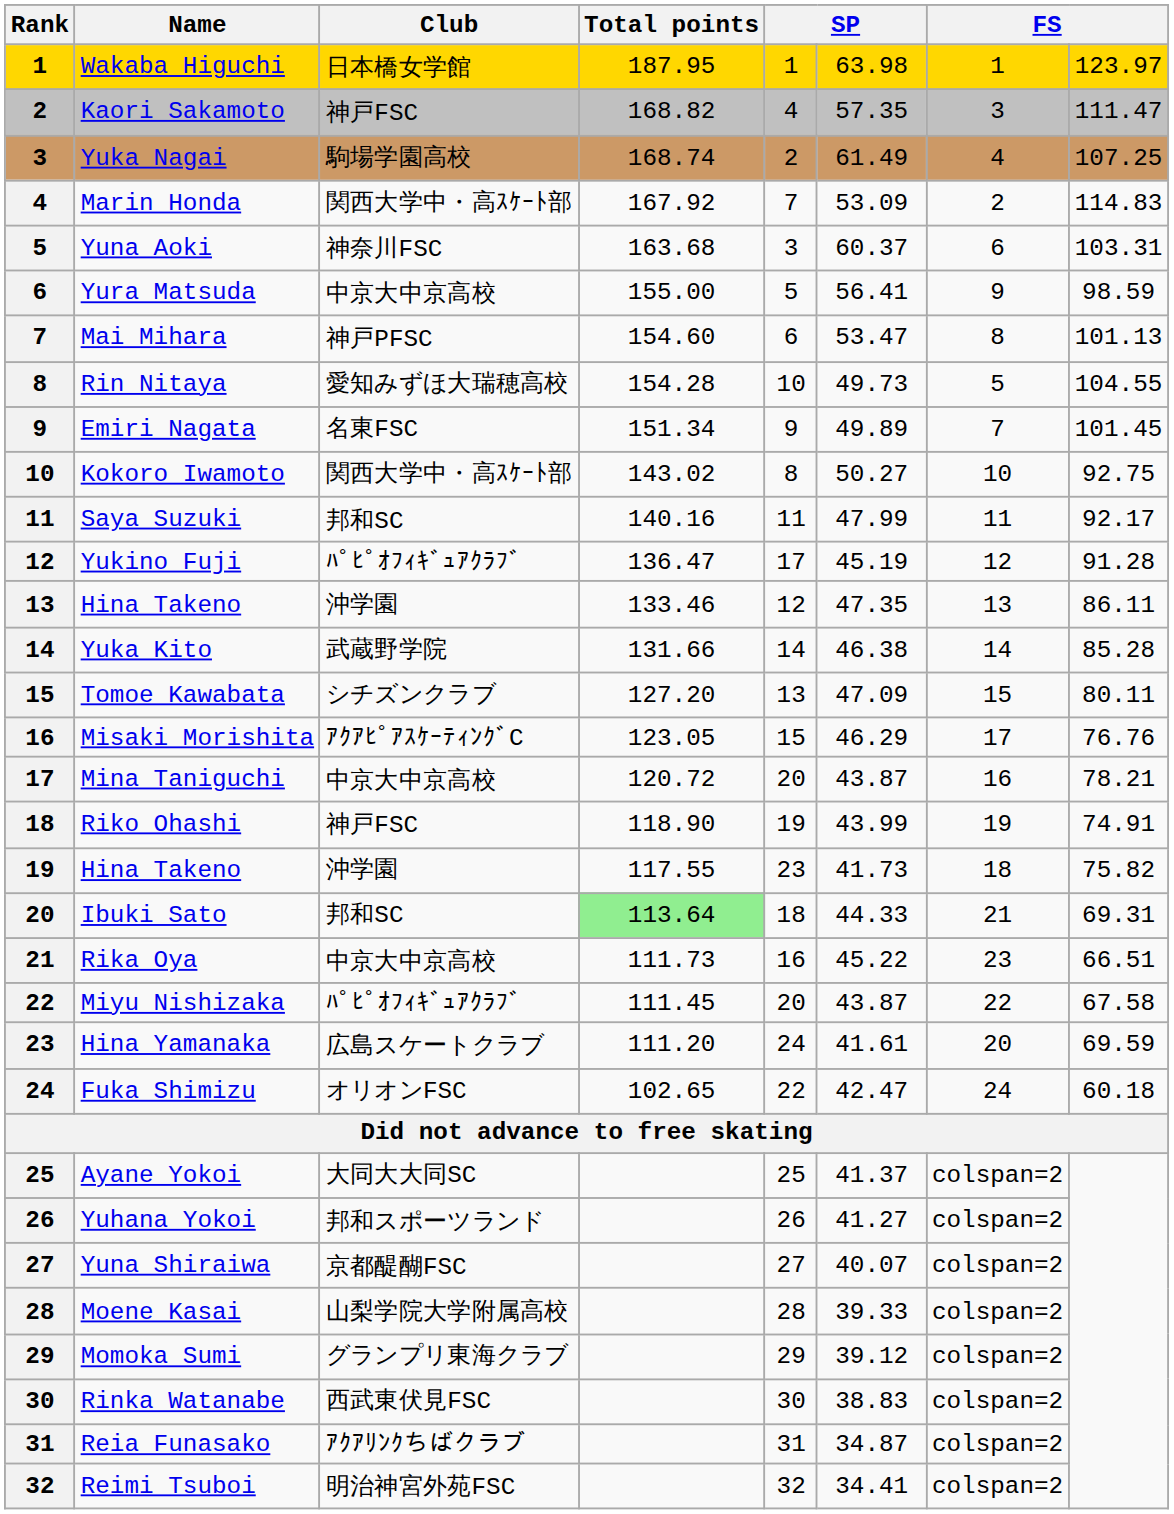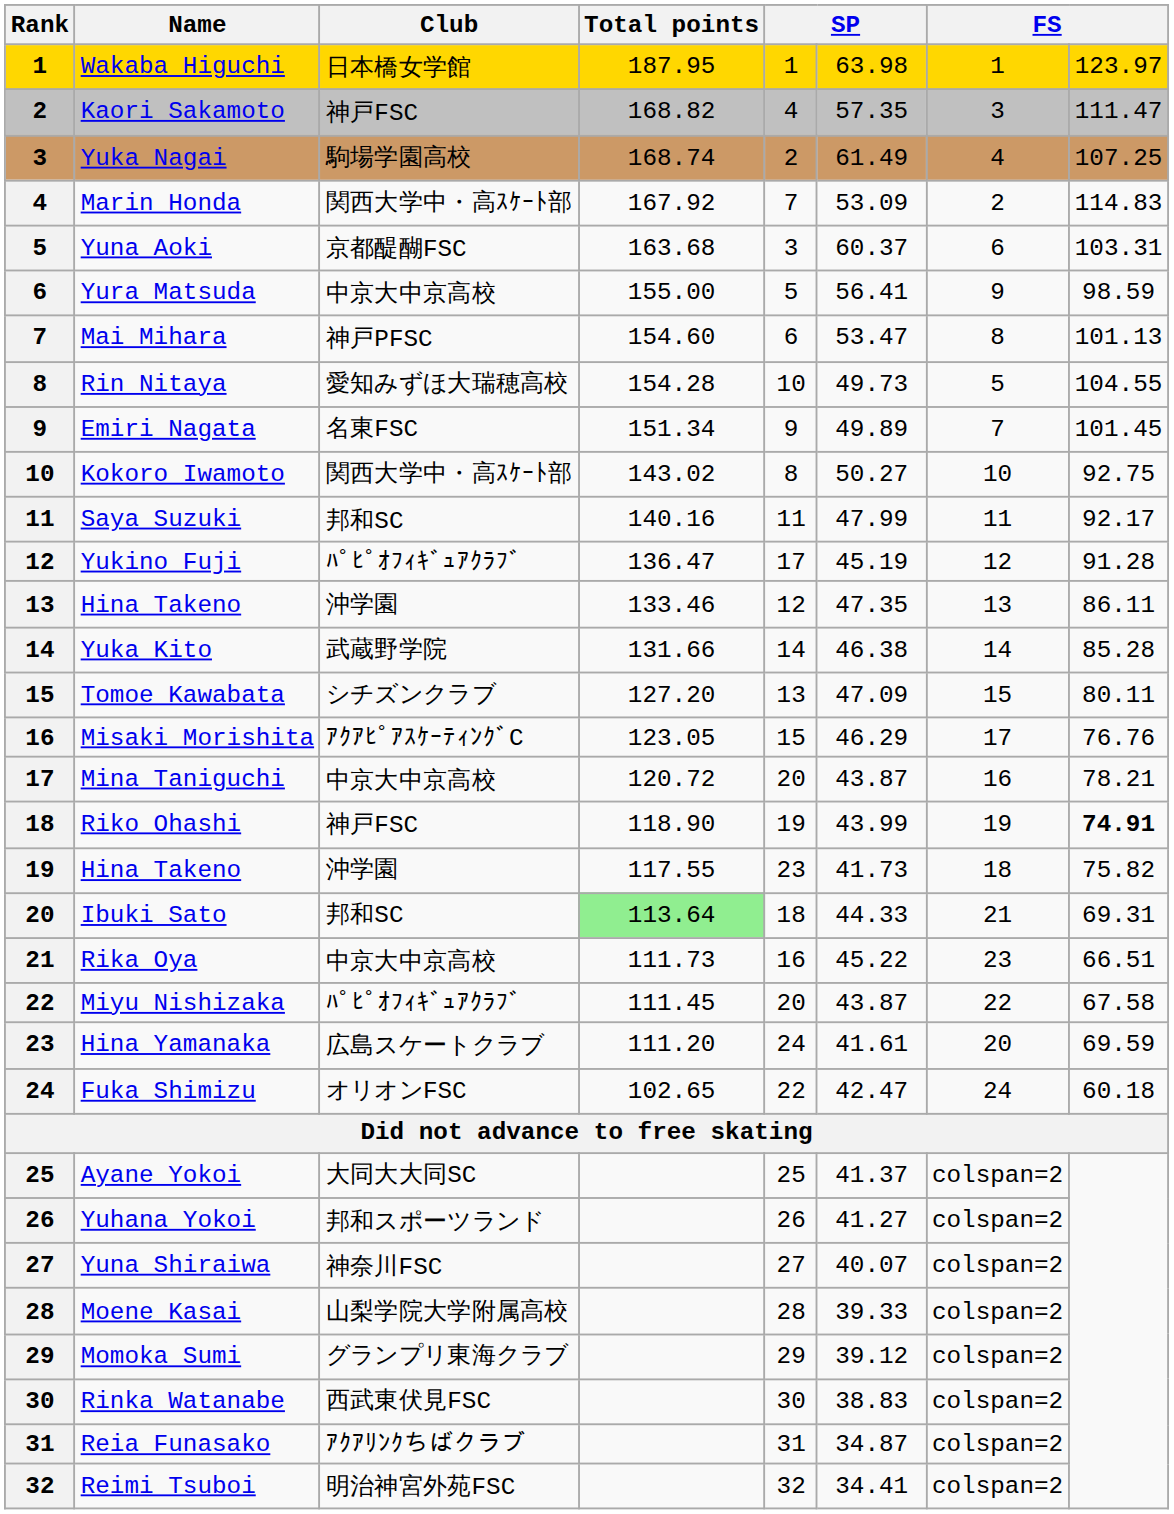 <table class="wikitable sortable">
 <tr>
 <th>Rank</th>
 <th>Name</th>
 <th>Club</th>
 <th>Total points</th>
 <th colspan="2" width="80px"><a href='#'>SP</a></th>
 <th colspan="2" width="80px"><a href='#'>FS</a></th>
 </tr>
 <tr bgcolor="gold">
 <td align="center"><strong>1</strong></td>
 <td><a href='#'>Wakaba Higuchi</a></td>
 <td>日本橋女学館</td>
 <td align="center">187.95</td>
 <td align="center">1</td>
 <td align="center">63.98</td>
 <td align="center">1</td>
 <td align="center">123.97</td>
 </tr>
 <tr bgcolor="silver">
 <td align="center"><strong>2</strong></td>
 <td><a href='#'>Kaori Sakamoto</a></td>
 <td>神戸FSC</td>
 <td align="center">168.82</td>
 <td align="center">4</td>
 <td align="center">57.35</td>
 <td align="center">3</td>
 <td align="center">111.47</td>
 </tr>
 <tr bgcolor="cc9966">
 <td align="center"><strong>3</strong></td>
 <td><a href='#'>Yuka Nagai</a></td>
 <td>駒場学園高校</td>
 <td align="center">168.74</td>
 <td align="center">2</td>
 <td align="center">61.49</td>
 <td align="center">4</td>
 <td align="center">107.25</td>
 </tr>
 <tr>
 <th>4</th>
 <td><a href='#'>Marin Honda</a></td>
 <td>関西大学中・高ｽｹｰﾄ部</td>
 <td align="center">167.92</td>
 <td align="center">7</td>
 <td align="center">53.09</td>
 <td align="center">2</td>
 <td align="center">114.83</td>
 </tr>
 <tr>
 <th>5</th>
 <td><a href='#'>Yuna Aoki</a></td>
-<td>神奈川FSC</td>
+<td>京都醍醐FSC</td>
 <td align="center">163.68</td>
 <td align="center">3</td>
 <td align="center">60.37</td>
 <td align="center">6</td>
 <td align="center">103.31</td>
 </tr>
 <tr>
 <th>6</th>
 <td><a href='#'>Yura Matsuda</a></td>
 <td>中京大中京高校</td>
 <td align="center">155.00</td>
 <td align="center">5</td>
 <td align="center">56.41</td>
 <td align="center">9</td>
 <td align="center">98.59</td>
 </tr>
 <tr>
 <th>7</th>
 <td><a href='#'>Mai Mihara</a></td>
 <td>神戸PFSC</td>
 <td align="center">154.60</td>
 <td align="center">6</td>
 <td align="center">53.47</td>
 <td align="center">8</td>
 <td align="center">101.13</td>
 </tr>
 <tr>
 <th>8</th>
 <td><a href='#'>Rin Nitaya</a></td>
 <td>愛知みずほ大瑞穂高校</td>
 <td align="center">154.28</td>
 <td align="center">10</td>
 <td align="center">49.73</td>
 <td align="center">5</td>
 <td align="center">104.55</td>
 </tr>
 <tr>
 <th>9</th>
 <td><a href='#'>Emiri Nagata</a></td>
 <td>名東FSC</td>
 <td align="center">151.34</td>
 <td align="center">9</td>
 <td align="center">49.89</td>
 <td align="center">7</td>
 <td align="center">101.45</td>
 </tr>
 <tr>
 <th>10</th>
 <td><a href='#'>Kokoro Iwamoto</a></td>
 <td>関西大学中・高ｽｹｰﾄ部</td>
 <td align="center">143.02</td>
 <td align="center">8</td>
 <td align="center">50.27</td>
 <td align="center">10</td>
 <td align="center">92.75</td>
 </tr>
 <tr>
 <th>11</th>
 <td><a href='#'>Saya Suzuki</a></td>
 <td>邦和SC</td>
 <td align="center">140.16</td>
 <td align="center">11</td>
 <td align="center">47.99</td>
 <td align="center">11</td>
 <td align="center">92.17</td>
 </tr>
 <tr>
 <th>12</th>
 <td><a href='#'>Yukino Fuji</a></td>
 <td>ﾊﾟﾋﾟｵﾌｨｷﾞｭｱｸﾗﾌﾞ</td>
 <td align="center">136.47</td>
 <td align="center">17</td>
 <td align="center">45.19</td>
 <td align="center">12</td>
 <td align="center">91.28</td>
 </tr>
 <tr>
 <th>13</th>
 <td><a href='#'>Hina Takeno</a></td>
 <td>沖学園</td>
 <td align="center">133.46</td>
 <td align="center">12</td>
 <td align="center">47.35</td>
 <td align="center">13</td>
 <td align="center">86.11</td>
 </tr>
 <tr>
 <th>14</th>
 <td><a href='#'>Yuka Kito</a></td>
 <td>武蔵野学院</td>
 <td align="center">131.66</td>
 <td align="center">14</td>
 <td align="center">46.38</td>
 <td align="center">14</td>
 <td align="center">85.28</td>
 </tr>
 <tr>
 <th>15</th>
 <td><a href='#'>Tomoe Kawabata</a></td>
 <td>シチズンクラブ</td>
 <td align="center">127.20</td>
 <td align="center">13</td>
 <td align="center">47.09</td>
 <td align="center">15</td>
 <td align="center">80.11</td>
 </tr>
 <tr>
 <th>16</th>
 <td><a href='#'>Misaki Morishita</a></td>
 <td>ｱｸｱﾋﾟｱｽｹｰﾃｨﾝｸﾞC</td>
 <td align="center">123.05</td>
 <td align="center">15</td>
 <td align="center">46.29</td>
 <td align="center">17</td>
 <td align="center">76.76</td>
 </tr>
 <tr>
 <th>17</th>
 <td><a href='#'>Mina Taniguchi</a></td>
 <td>中京大中京高校</td>
 <td align="center">120.72</td>
 <td align="center">20</td>
 <td align="center">43.87</td>
 <td align="center">16</td>
 <td align="center">78.21</td>
 </tr>
 <tr>
 <th>18</th>
 <td><a href='#'>Riko Ohashi</a></td>
 <td>神戸FSC</td>
 <td align="center">118.90</td>
 <td align="center">19</td>
 <td align="center">43.99</td>
 <td align="center">19</td>
-<td align="center">74.91</td>
+<td align="center"><strong>74.91</strong></td>
 </tr>
 <tr>
 <th>19</th>
 <td><a href='#'>Hina Takeno</a></td>
 <td>沖学園</td>
 <td align="center">117.55</td>
 <td align="center">23</td>
 <td align="center">41.73</td>
 <td align="center">18</td>
 <td align="center">75.82</td>
 </tr>
 <tr>
 <th>20</th>
 <td><a href='#'>Ibuki Sato</a></td>
 <td>邦和SC</td>
 <td align="center" style="background: lightgreen;">113.64</td>
 <td align="center">18</td>
 <td align="center">44.33</td>
 <td align="center">21</td>
 <td align="center">69.31</td>
 </tr>
 <tr>
 <th>21</th>
 <td><a href='#'>Rika Oya</a></td>
 <td>中京大中京高校</td>
 <td align="center">111.73</td>
 <td align="center">16</td>
 <td align="center">45.22</td>
 <td align="center">23</td>
 <td align="center">66.51</td>
 </tr>
 <tr>
 <th>22</th>
 <td><a href='#'>Miyu Nishizaka</a></td>
 <td>ﾊﾟﾋﾟｵﾌｨｷﾞｭｱｸﾗﾌﾞ</td>
 <td align="center">111.45</td>
 <td align="center">20</td>
 <td align="center">43.87</td>
 <td align="center">22</td>
 <td align="center">67.58</td>
 </tr>
 <tr>
 <th>23</th>
 <td><a href='#'>Hina Yamanaka</a></td>
 <td>広島スケートクラブ</td>
 <td align="center">111.20</td>
 <td align="center">24</td>
 <td align="center">41.61</td>
 <td align="center">20</td>
 <td align="center">69.59</td>
 </tr>
 <tr>
 <th>24</th>
 <td><a href='#'>Fuka Shimizu</a></td>
 <td>オリオンFSC</td>
 <td align="center">102.65</td>
 <td align="center">22</td>
 <td align="center">42.47</td>
 <td align="center">24</td>
 <td align="center">60.18</td>
 </tr>
 <tr>
 <th colspan=8>Did not advance to free skating</th>
 </tr>
 <tr>
 <th>25</th>
 <td><a href='#'>Ayane Yokoi</a></td>
 <td>大同大大同SC</td>
 <td></td>
 <td align="center">25</td>
 <td align="center">41.37</td>
 <td>colspan=2 </td>
 </tr>
 <tr>
 <th>26</th>
 <td><a href='#'>Yuhana Yokoi</a></td>
 <td>邦和スポーツランド</td>
 <td></td>
 <td align="center">26</td>
 <td align="center">41.27</td>
 <td>colspan=2 </td>
 </tr>
 <tr>
 <th>27</th>
 <td><a href='#'>Yuna Shiraiwa</a></td>
-<td>京都醍醐FSC</td>
+<td>神奈川FSC</td>
 <td></td>
 <td align="center">27</td>
 <td align="center">40.07</td>
 <td>colspan=2 </td>
 </tr>
 <tr>
 <th>28</th>
 <td><a href='#'>Moene Kasai</a></td>
 <td>山梨学院大学附属高校</td>
 <td></td>
 <td align="center">28</td>
 <td align="center">39.33</td>
 <td>colspan=2 </td>
 </tr>
 <tr>
 <th>29</th>
 <td><a href='#'>Momoka Sumi</a></td>
 <td>グランプリ東海クラブ</td>
 <td></td>
 <td align="center">29</td>
 <td align="center">39.12</td>
 <td>colspan=2 </td>
 </tr>
 <tr>
 <th>30</th>
 <td><a href='#'>Rinka Watanabe</a></td>
 <td>西武東伏見FSC</td>
 <td></td>
 <td align="center">30</td>
 <td align="center">38.83</td>
 <td>colspan=2 </td>
 </tr>
 <tr>
 <th>31</th>
 <td><a href='#'>Reia Funasako</a></td>
 <td>ｱｸｱﾘﾝｸちばクラブ</td>
 <td></td>
 <td align="center">31</td>
 <td align="center">34.87</td>
 <td>colspan=2 </td>
 </tr>
 <tr>
 <th>32</th>
 <td><a href='#'>Reimi Tsuboi</a></td>
 <td>明治神宮外苑FSC</td>
 <td></td>
 <td align="center">32</td>
 <td align="center">34.41</td>
 <td>colspan=2 </td>
 </tr>
 </table>
